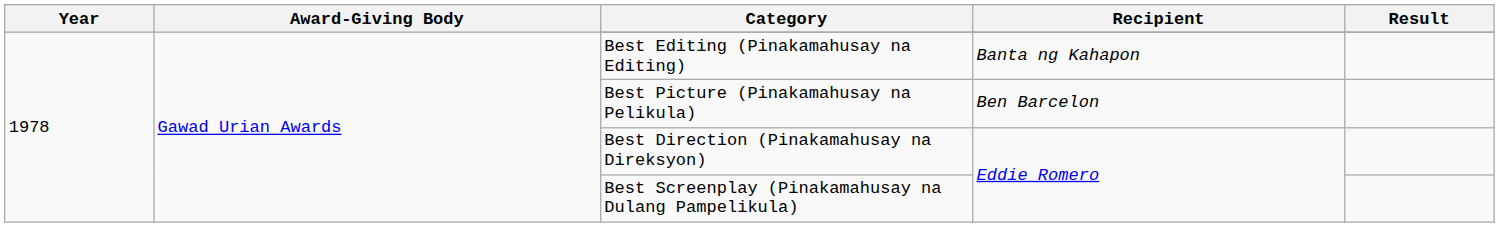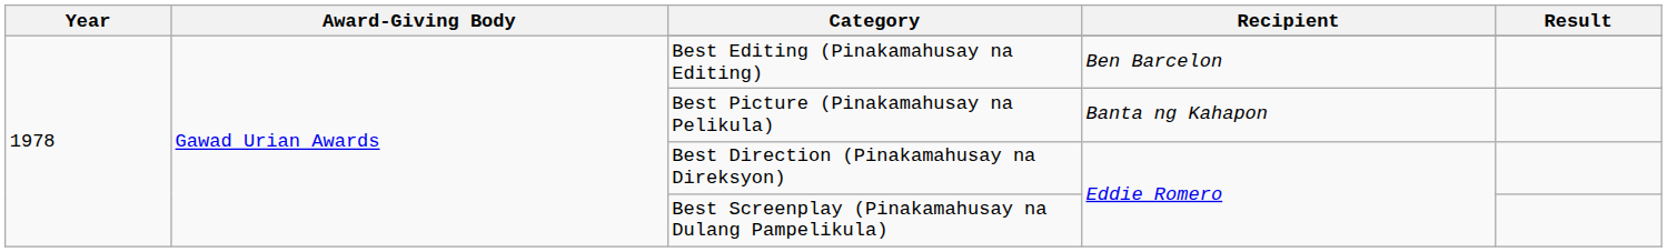 <table | width="90%" class="wikitable sortable">
 <tr>
 <th width="10%">Year</th>
 <th>Award-Giving Body</th>
 <th width="25%">Category</th>
 <th width="25%">Recipient</th>
 <th width="10%">Result</th>
 </tr>
 <tr>
 <td rowspan="5">1978</td>
 <td rowspan="5"><a href='#'>Gawad Urian Awards</a></td>
 </tr>
 <tr>
 <td>Best Editing (Pinakamahusay na Editing)</td>
-<td><em>Banta ng Kahapon</em></td>
+<td><em>Ben Barcelon</em></td>
 <td></td>
 </tr>
 <tr>
 <td>Best Picture (Pinakamahusay na Pelikula)</td>
-<td><em>Ben Barcelon</em></td>
+<td><em>Banta ng Kahapon</em></td>
 <td></td>
 </tr>
 <tr>
 <td>Best Direction (Pinakamahusay na Direksyon)</td>
 <td rowspan="2"><em><a href='#'>Eddie Romero</a></em></td>
 <td></td>
 </tr>
 <tr>
 <td>Best Screenplay (Pinakamahusay na Dulang Pampelikula)</td>
 <td></td>
 </tr>
 </table>
